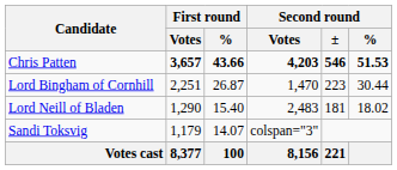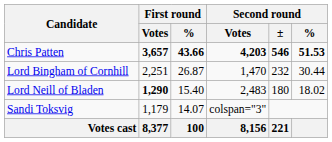 <table class="wikitable plainrowheaders" style="font-size:95%; text-align:right">
 <tr>
 <th rowspan="2">Candidate</th>
 <th colspan="2">First round</th>
 <th colspan="3">Second round</th>
 </tr>
 <tr>
 <th>Votes</th>
 <th style="width: 40px">%</th>
 <th style="width: 50px">Votes</th>
 <th>±</th>
 <th style="width: 40px">%</th>
 </tr>
 <tr>
 <td style="width: 170px; text-align:left"><a href='#'>Chris Patten</a></td>
 <td><strong>3,657</strong></td>
 <td><strong>43.66</strong></td>
 <td><strong>4,203</strong></td>
 <td><strong>546</strong></td>
 <td><strong>51.53</strong></td>
 </tr>
 <tr>
 <td style="width: 170px; text-align:left"><a href='#'>Lord Bingham of Cornhill</a></td>
 <td>2,251</td>
 <td>26.87</td>
 <td>1,470</td>
-<td>223</td>
+<td>232</td>
 <td>30.44</td>
 </tr>
 <tr>
 <td style="width: 170px; text-align:left"><a href='#'>Lord Neill of Bladen</a></td>
-<td>1,290</td>
+<td><strong>1,290</strong></td>
 <td>15.40</td>
 <td>2,483</td>
-<td>181</td>
+<td>180</td>
 <td>18.02</td>
 </tr>
 <tr>
 <td style="width: 170px; text-align:left"><a href='#'>Sandi Toksvig</a></td>
 <td>1,179</td>
 <td>14.07</td>
 <td>colspan="3" </td>
 </tr>
 <tr>
 <th style="text-align:right;">Votes cast</th>
 <th scope="row" style="text-align:right;">8,377</th>
 <th scope="row" style="text-align:right;">100</th>
 <th scope="row" style="text-align:right;">8,156</th>
 <th scope="row" style="text-align:right;">221</th>
 <th scope="row" style="text-align:right;"></th>
 </tr>
 </table>
